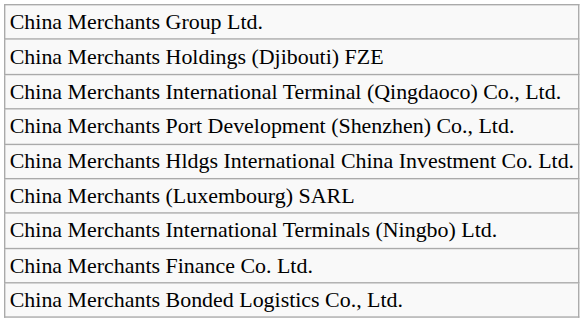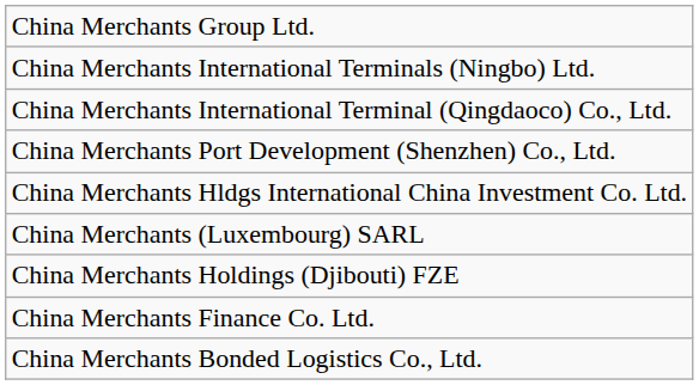 <table class="wikitable">
 <tr>
 <td>China Merchants Group Ltd.</td>
 </tr>
 <tr>
-<td>China Merchants Holdings (Djibouti) FZE</td>
+<td>China Merchants International Terminals (Ningbo) Ltd.</td>
 </tr>
 <tr>
 <td>China Merchants International Terminal (Qingdaoco) Co., Ltd.</td>
 </tr>
 <tr>
 <td>China Merchants Port Development (Shenzhen) Co., Ltd.</td>
 </tr>
 <tr>
 <td>China Merchants Hldgs International China Investment Co. Ltd.</td>
 </tr>
 <tr>
 <td>China Merchants (Luxembourg) SARL</td>
 </tr>
 <tr>
-<td>China Merchants International Terminals (Ningbo) Ltd.</td>
+<td>China Merchants Holdings (Djibouti) FZE</td>
 </tr>
 <tr>
 <td>China Merchants Finance Co. Ltd.</td>
 </tr>
 <tr>
 <td>China Merchants Bonded Logistics Co., Ltd.</td>
 </tr>
 </table>
